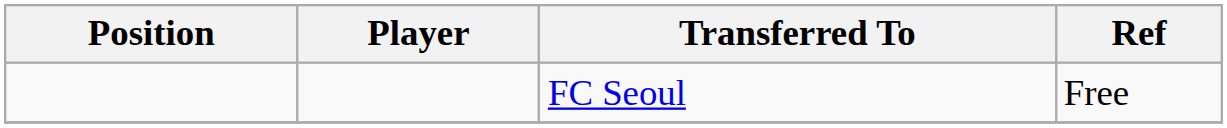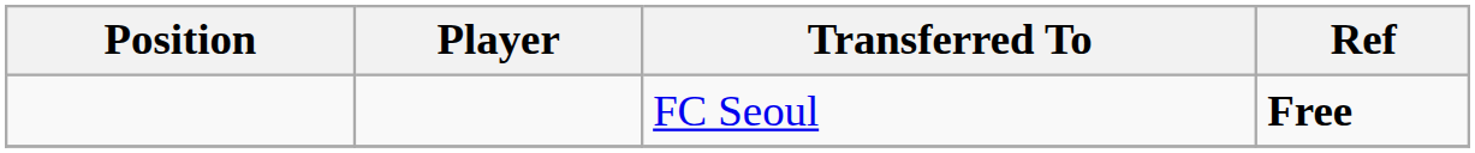 <table class="wikitable sortable" style="width:60%; text-align:center; font-size:100%; text-align:left;">
 <tr>
 <th>Position</th>
 <th>Player</th>
 <th>Transferred To</th>
 <th>Ref</th>
 </tr>
 <tr>
 <td></td>
 <td></td>
 <td> <a href='#'>FC Seoul</a></td>
-<td>Free</td>
+<td><strong>Free</strong></td>
 </tr>
 <tr>
 </tr>
 </table>
